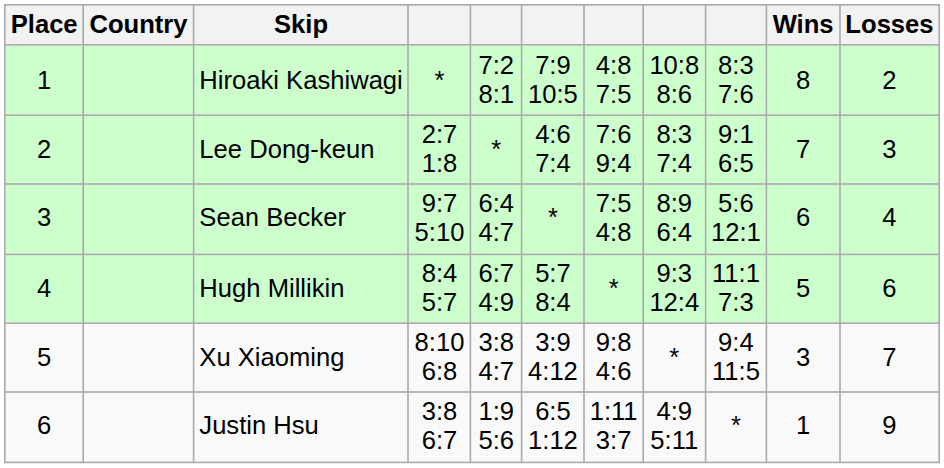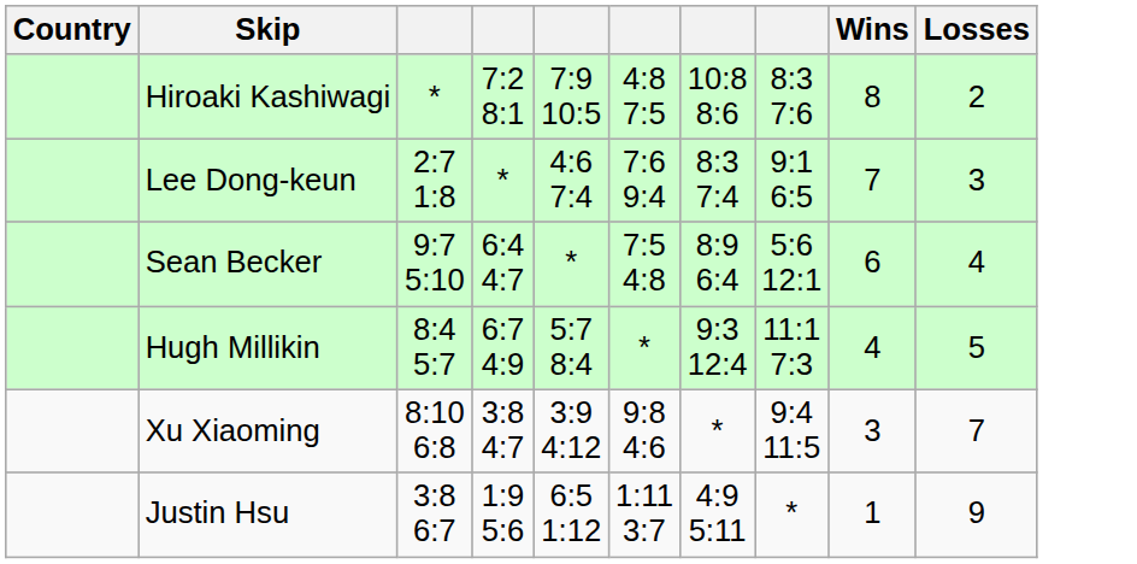 <table class="wikitable" style="text-align:center;">
 <tr>
-<th>Place</th>
 <th>Country</th>
 <th>Skip</th>
 <th width="25"></th>
 <th width="25"></th>
 <th width="25"></th>
 <th width="25"></th>
 <th width="25"></th>
 <th width="25"></th>
 <th>Wins</th>
 <th>Losses</th>
 </tr>
 <tr bgcolor=#ccffcc>
-<td>1</td>
 <td align=left></td>
 <td align=left>Hiroaki Kashiwagi</td>
 <td>*</td>
 <td>7:2<br> 8:1</td>
 <td>7:9<br>10:5</td>
 <td>4:8<br> 7:5</td>
 <td>10:8<br> 8:6</td>
 <td>8:3<br> 7:6</td>
 <td>8</td>
 <td>2</td>
 </tr>
 <tr bgcolor=#ccffcc>
-<td>2</td>
 <td align=left></td>
 <td align=left>Lee Dong-keun</td>
 <td>2:7<br> 1:8</td>
 <td>*</td>
 <td>4:6<br> 7:4</td>
 <td>7:6<br> 9:4</td>
 <td>8:3<br> 7:4</td>
 <td>9:1<br> 6:5</td>
 <td>7</td>
 <td>3</td>
 </tr>
 <tr bgcolor=#ccffcc>
-<td>3</td>
 <td align=left></td>
 <td align=left>Sean Becker</td>
 <td>9:7<br>5:10</td>
 <td>6:4<br> 4:7</td>
 <td>*</td>
 <td>7:5<br> 4:8</td>
 <td>8:9<br> 6:4</td>
 <td>5:6<br>12:1</td>
 <td>6</td>
 <td>4</td>
 </tr>
 <tr bgcolor=#ccffcc>
-<td>4</td>
 <td align=left></td>
 <td align=left>Hugh Millikin</td>
 <td>8:4<br> 5:7</td>
 <td>6:7<br> 4:9</td>
 <td>5:7<br> 8:4</td>
 <td>*</td>
 <td>9:3<br>12:4</td>
 <td>11:1<br> 7:3</td>
+<td>4</td>
 <td>5</td>
-<td>6</td>
 </tr>
 <tr>
-<td>5</td>
 <td align=left></td>
 <td align=left>Xu Xiaoming</td>
 <td>8:10<br> 6:8</td>
 <td>3:8<br> 4:7</td>
 <td>3:9<br>4:12</td>
 <td>9:8<br> 4:6</td>
 <td>*</td>
 <td>9:4<br>11:5</td>
 <td>3</td>
 <td>7</td>
 </tr>
 <tr>
-<td>6</td>
 <td align=left></td>
 <td align=left>Justin Hsu</td>
 <td>3:8<br> 6:7</td>
 <td>1:9<br> 5:6</td>
 <td>6:5<br>1:12</td>
 <td>1:11<br> 3:7</td>
 <td>4:9<br>5:11</td>
 <td>*</td>
 <td>1</td>
 <td>9</td>
 </tr>
 </table>
